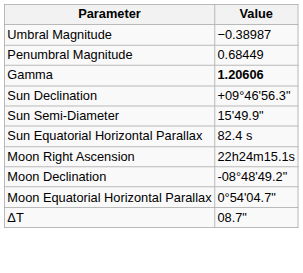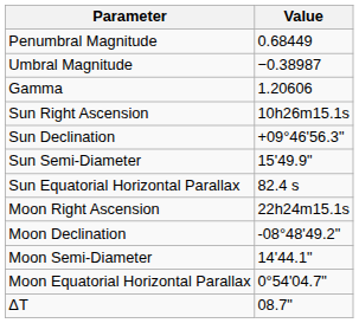 <table class="wikitable">
 <tr>
 <th>Parameter</th>
 <th>Value</th>
 </tr>
 <tr>
+<td>Penumbral Magnitude</td>
+<td>0.68449</td>
+</tr>
+<tr>
 <td>Umbral Magnitude</td>
 <td>−0.38987</td>
 </tr>
 <tr>
-<td>Penumbral Magnitude</td>
-<td>0.68449</td>
+<td>Gamma</td>
+<td>1.20606</td>
 </tr>
 <tr>
-<td>Gamma</td>
-<td><strong>1.20606</strong></td>
+<td>Sun Right Ascension</td>
+<td>10h26m15.1s</td>
 </tr>
 <tr>
 <td>Sun Declination</td>
 <td>+09°46'56.3"</td>
 </tr>
 <tr>
 <td>Sun Semi-Diameter</td>
 <td>15'49.9"</td>
 </tr>
 <tr>
 <td>Sun Equatorial Horizontal Parallax</td>
 <td>82.4 s</td>
 </tr>
 <tr>
 <td>Moon Right Ascension</td>
 <td>22h24m15.1s</td>
 </tr>
 <tr>
 <td>Moon Declination</td>
 <td>-08°48'49.2"</td>
 </tr>
 <tr>
+<td>Moon Semi-Diameter</td>
+<td>14'44.1"</td>
+</tr>
+<tr>
 <td>Moon Equatorial Horizontal Parallax</td>
 <td>0°54'04.7"</td>
 </tr>
 <tr>
 <td>ΔT</td>
 <td>08.7"</td>
 </tr>
 </table>
